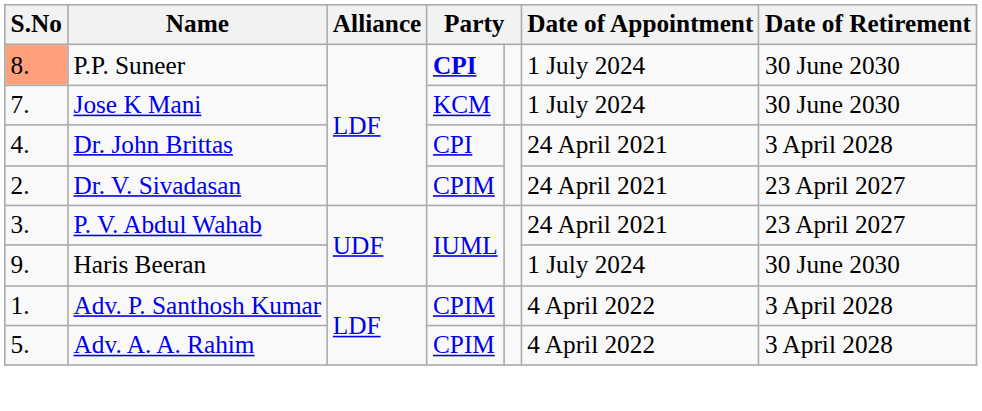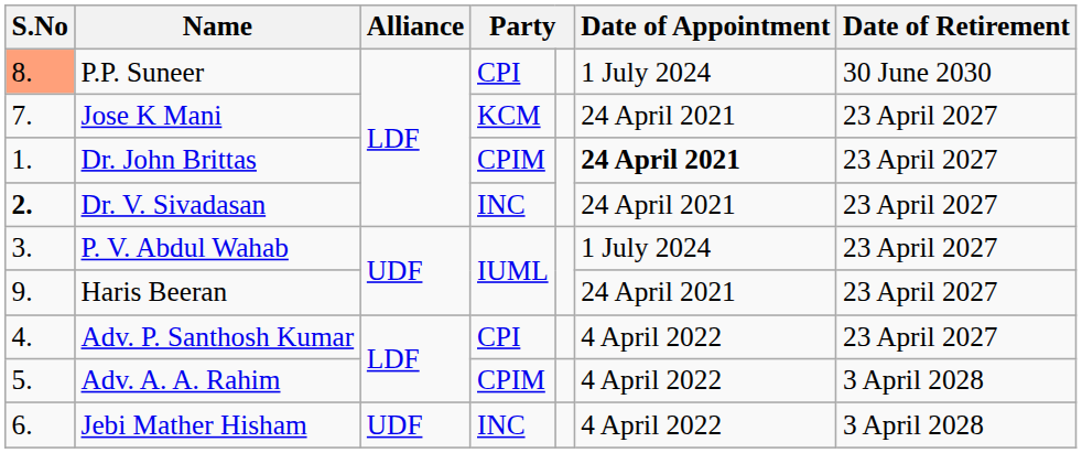 <table class="wikitable sortable">
 <tr>
 <th>S.No</th>
 <th>Name</th>
 <th>Alliance</th>
 <th colspan="2">Party</th>
 <th>Date of Appointment</th>
 <th>Date of Retirement</th>
 </tr>
 <tr>
 <td style="background: lightsalmon;">8.</td>
 <td>P.P. Suneer</td>
 <td rowspan="4"><a href='#'>LDF</a></td>
-<td><strong><a href='#'>CPI</a></strong></td>
+<td><a href='#'>CPI</a></td>
 <td width="4px" style="background-color: "></td>
 <td>1 July 2024</td>
 <td>30 June 2030</td>
 </tr>
 <tr>
 <td>7.</td>
 <td><a href='#'>Jose K Mani</a></td>
 <td><a href='#'>KCM</a></td>
 <td width="4px" style="background-color: "></td>
-<td>1 July 2024</td>
-<td>30 June 2030</td>
+<td>24 April 2021</td>
+<td>23 April 2027</td>
 </tr>
 <tr>
-<td>4.</td>
+<td>1.</td>
 <td><a href='#'>Dr. John Brittas</a></td>
-<td><a href='#'>CPI</a></td>
+<td><a href='#'>CPIM</a></td>
 <td rowspan=2 width="4px" style="background-color: "></td>
-<td>24 April 2021</td>
-<td>3 April 2028</td>
+<td><strong>24 April 2021</strong></td>
+<td>23 April 2027</td>
 </tr>
 <tr>
-<td>2.</td>
+<td><strong>2.</strong></td>
 <td><a href='#'>Dr. V. Sivadasan</a></td>
-<td><a href='#'>CPIM</a></td>
+<td><a href='#'>INC</a></td>
 <td>24 April 2021</td>
 <td>23 April 2027</td>
 </tr>
 <tr>
 <td>3.</td>
 <td><a href='#'>P. V. Abdul Wahab</a></td>
 <td rowspan="2"><a href='#'>UDF</a></td>
 <td rowspan="2"><a href='#'>IUML</a></td>
 <td rowspan="2" width="4px" style="background-color: "></td>
-<td>24 April 2021</td>
+<td>1 July 2024</td>
 <td>23 April 2027</td>
 </tr>
 <tr>
 <td>9.</td>
 <td>Haris Beeran</td>
-<td>1 July 2024</td>
-<td>30 June 2030</td>
+<td>24 April 2021</td>
+<td>23 April 2027</td>
 </tr>
 <tr>
-<td>1.</td>
+<td>4.</td>
 <td><a href='#'>Adv. P. Santhosh Kumar</a></td>
 <td rowspan="2"><a href='#'>LDF</a></td>
-<td><a href='#'>CPIM</a></td>
+<td><a href='#'>CPI</a></td>
 <td width="4px" style="background-color: "></td>
 <td>4 April 2022</td>
-<td>3 April 2028</td>
+<td>23 April 2027</td>
 </tr>
 <tr>
 <td>5.</td>
 <td><a href='#'>Adv. A. A. Rahim</a></td>
 <td><a href='#'>CPIM</a></td>
 <td width="4px" style="background-color: "></td>
 <td>4 April 2022</td>
 <td>3 April 2028</td>
 </tr>
+<tr>
+<td>6.</td>
+<td><a href='#'>Jebi Mather Hisham</a></td>
+<td><a href='#'>UDF</a></td>
+<td><a href='#'>INC</a></td>
+<td width="4px" style="background-color: "></td>
+<td>4 April 2022</td>
+<td>3 April 2028</td>
+</tr>
 </table>
